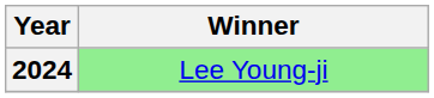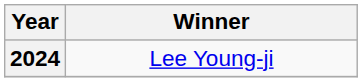 <table class="wikitable plainrowheaders" style="text-align:center">
 <tr>
 <th scope="col">Year</th>
 <th scope="col" width="200">Winner</th>
 </tr>
 <tr>
 <th scope="row">2024</th>
-<td style="background: lightgreen;"><a href='#'>Lee Young-ji</a></td>
+<td><a href='#'>Lee Young-ji</a></td>
 </tr>
 <tr>
 </tr>
 </table>
